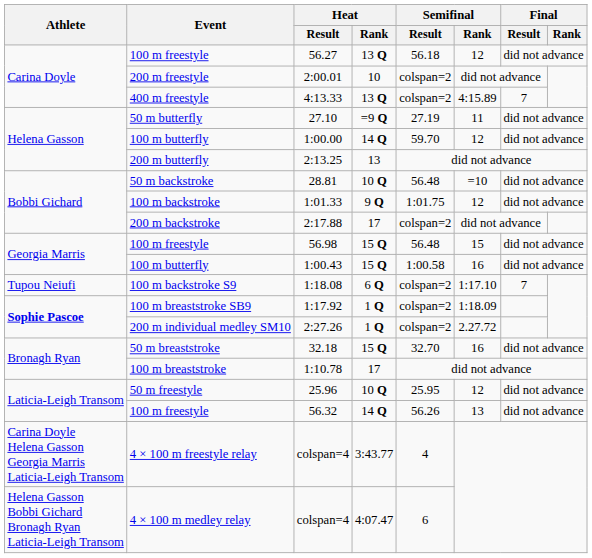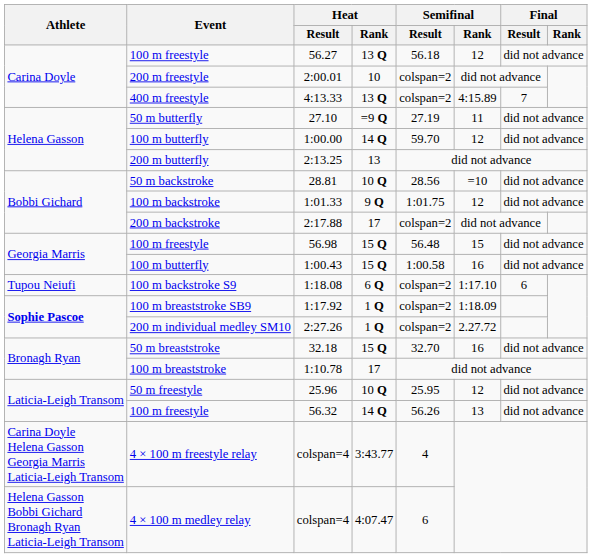 <table class="wikitable" style="font-size:90%;text-align:center;">
 <tr>
 <th rowspan=2>Athlete</th>
 <th rowspan=2>Event</th>
 <th colspan=2>Heat</th>
 <th colspan=2>Semifinal</th>
 <th colspan=2>Final</th>
 </tr>
 <tr style="font-size:95%">
 <th>Result</th>
 <th>Rank</th>
 <th>Result</th>
 <th>Rank</th>
 <th>Result</th>
 <th>Rank</th>
 </tr>
 <tr>
 <td style="text-align:left;" rowspan="3"><a href='#'>Carina Doyle</a></td>
 <td style="text-align:left;"><a href='#'>100 m freestyle</a></td>
 <td>56.27</td>
 <td>13 <strong>Q</strong></td>
 <td>56.18</td>
 <td>12</td>
 <td colspan=2>did not advance</td>
 </tr>
 <tr>
 <td style="text-align:left;"><a href='#'>200 m freestyle</a></td>
 <td>2:00.01</td>
 <td>10</td>
 <td>colspan=2 </td>
 <td colspan=2>did not advance</td>
 </tr>
 <tr>
 <td style="text-align:left;"><a href='#'>400 m freestyle</a></td>
 <td>4:13.33</td>
 <td>13 <strong>Q</strong></td>
 <td>colspan=2 </td>
 <td>4:15.89</td>
 <td>7</td>
 </tr>
 <tr>
 <td style="text-align:left;" rowspan="3"><a href='#'>Helena Gasson</a></td>
 <td style="text-align:left;"><a href='#'>50 m butterfly</a></td>
 <td>27.10</td>
 <td>=9 <strong>Q</strong></td>
 <td>27.19</td>
 <td>11</td>
 <td colspan=2>did not advance</td>
 </tr>
 <tr>
 <td style="text-align:left;"><a href='#'>100 m butterfly</a></td>
 <td>1:00.00</td>
 <td>14 <strong>Q</strong></td>
 <td>59.70</td>
 <td>12</td>
 <td colspan=2>did not advance</td>
 </tr>
 <tr>
 <td style="text-align:left;"><a href='#'>200 m butterfly</a></td>
 <td>2:13.25</td>
 <td>13</td>
 <td colspan=4>did not advance</td>
 </tr>
 <tr>
 <td style="text-align:left;" rowspan="3"><a href='#'>Bobbi Gichard</a></td>
 <td style="text-align:left;"><a href='#'>50 m backstroke</a></td>
 <td>28.81</td>
 <td>10 <strong>Q</strong></td>
-<td>56.48</td>
+<td>28.56</td>
 <td>=10</td>
 <td colspan=2>did not advance</td>
 </tr>
 <tr>
 <td style="text-align:left;"><a href='#'>100 m backstroke</a></td>
 <td>1:01.33</td>
 <td>9 <strong>Q</strong></td>
 <td>1:01.75</td>
 <td>12</td>
 <td colspan=2>did not advance</td>
 </tr>
 <tr>
 <td style="text-align:left;"><a href='#'>200 m backstroke</a></td>
 <td>2:17.88</td>
 <td>17</td>
 <td>colspan=2 </td>
 <td colspan=2>did not advance</td>
 </tr>
 <tr>
 <td style="text-align:left;" rowspan="2"><a href='#'>Georgia Marris</a></td>
 <td style="text-align:left;"><a href='#'>100 m freestyle</a></td>
 <td>56.98</td>
 <td>15 <strong>Q</strong></td>
 <td>56.48</td>
 <td>15</td>
 <td colspan=2>did not advance</td>
 </tr>
 <tr>
 <td style="text-align:left;"><a href='#'>100 m butterfly</a></td>
 <td>1:00.43</td>
 <td>15 <strong>Q</strong></td>
 <td>1:00.58</td>
 <td>16</td>
 <td colspan=2>did not advance</td>
 </tr>
 <tr>
 <td style="text-align:left;"><a href='#'>Tupou Neiufi</a></td>
 <td style="text-align:left;"><a href='#'>100 m backstroke S9</a></td>
 <td>1:18.08</td>
 <td>6 <strong>Q</strong></td>
 <td>colspan=2 </td>
 <td>1:17.10</td>
-<td>7</td>
+<td>6</td>
 </tr>
 <tr>
 <td style="text-align:left;" rowspan="2"><strong><a href='#'>Sophie Pascoe</a></strong></td>
 <td style="text-align:left;"><a href='#'>100 m breaststroke SB9</a></td>
 <td>1:17.92</td>
 <td>1 <strong>Q</strong></td>
 <td>colspan=2 </td>
 <td>1:18.09</td>
 <td></td>
 </tr>
 <tr>
 <td style="text-align:left;"><a href='#'>200 m individual medley SM10</a></td>
 <td>2:27.26</td>
 <td>1 <strong>Q</strong></td>
 <td>colspan=2 </td>
 <td>2.27.72</td>
 <td></td>
 </tr>
 <tr>
 <td style="text-align:left;" rowspan="2"><a href='#'>Bronagh Ryan</a></td>
 <td style="text-align:left;"><a href='#'>50 m breaststroke</a></td>
 <td>32.18</td>
 <td>15 <strong>Q</strong></td>
 <td>32.70</td>
 <td>16</td>
 <td colspan=2>did not advance</td>
 </tr>
 <tr>
 <td style="text-align:left;"><a href='#'>100 m breaststroke</a></td>
 <td>1:10.78</td>
 <td>17</td>
 <td colspan=4>did not advance</td>
 </tr>
 <tr>
 <td style="text-align:left;" rowspan="2"><a href='#'>Laticia-Leigh Transom</a></td>
 <td style="text-align:left;"><a href='#'>50 m freestyle</a></td>
 <td>25.96</td>
 <td>10 <strong>Q</strong></td>
 <td>25.95</td>
 <td>12</td>
 <td colspan=2>did not advance</td>
 </tr>
 <tr>
 <td style="text-align:left;"><a href='#'>100 m freestyle</a></td>
 <td>56.32</td>
 <td>14 <strong>Q</strong></td>
 <td>56.26</td>
 <td>13</td>
 <td colspan=2>did not advance</td>
 </tr>
 <tr>
 <td style="text-align:left;"><a href='#'>Carina Doyle</a><br><a href='#'>Helena Gasson</a><br><a href='#'>Georgia Marris</a><br><a href='#'>Laticia-Leigh Transom</a></td>
 <td style="text-align:left;"><a href='#'>4 × 100 m freestyle relay</a></td>
 <td>colspan=4 </td>
 <td>3:43.77</td>
 <td>4</td>
 </tr>
 <tr>
 <td style="text-align:left;"><a href='#'>Helena Gasson</a><br><a href='#'>Bobbi Gichard</a><br><a href='#'>Bronagh Ryan</a><br><a href='#'>Laticia-Leigh Transom</a></td>
 <td style="text-align:left;"><a href='#'>4 × 100 m medley relay</a></td>
 <td>colspan=4 </td>
 <td>4:07.47</td>
 <td>6</td>
 </tr>
 </table>
